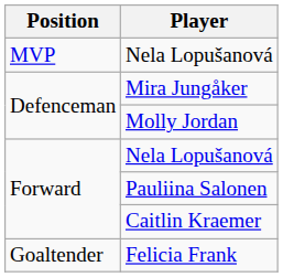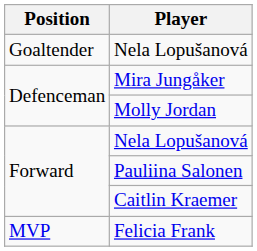 <table class="wikitable">
 <tr>
 <th>Position</th>
 <th>Player</th>
 </tr>
 <tr>
-<td><a href='#'>MVP</a></td>
+<td>Goaltender</td>
 <td> Nela Lopušanová</td>
 </tr>
 <tr>
 <td rowspan=2>Defenceman</td>
 <td> <a href='#'>Mira Jungåker</a></td>
 </tr>
 <tr>
 <td> <a href='#'>Molly Jordan</a></td>
 </tr>
 <tr>
 <td rowspan=3>Forward</td>
 <td> <a href='#'>Nela Lopušanová</a></td>
 </tr>
 <tr>
 <td> <a href='#'>Pauliina Salonen</a></td>
 </tr>
 <tr>
 <td> <a href='#'>Caitlin Kraemer</a></td>
 </tr>
 <tr>
-<td>Goaltender</td>
+<td><a href='#'>MVP</a></td>
 <td> <a href='#'>Felicia Frank</a></td>
 </tr>
 </table>
